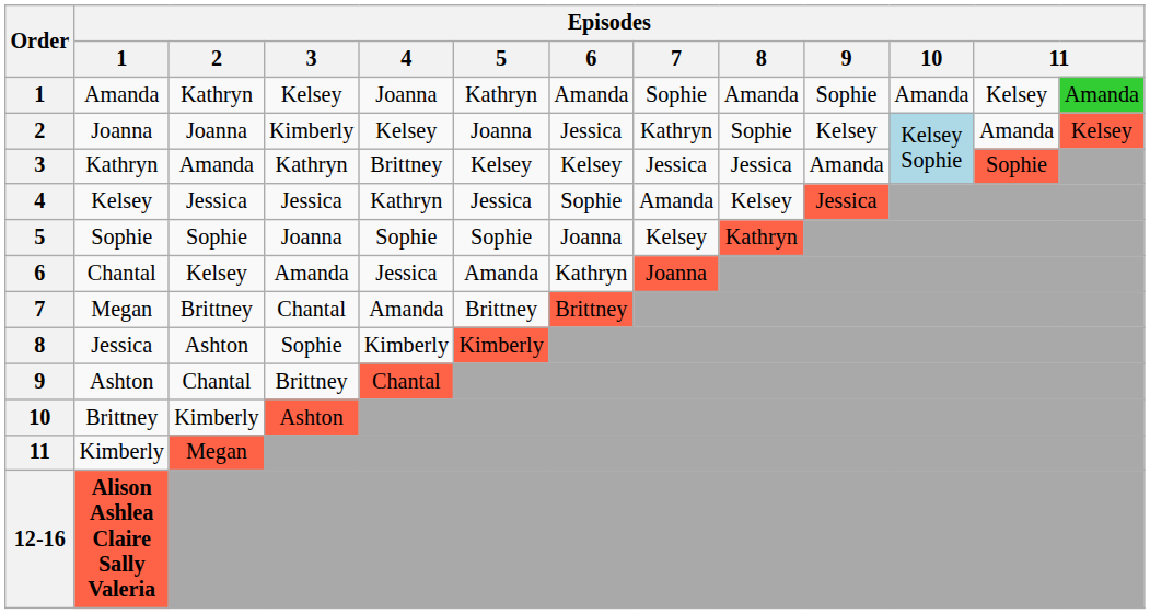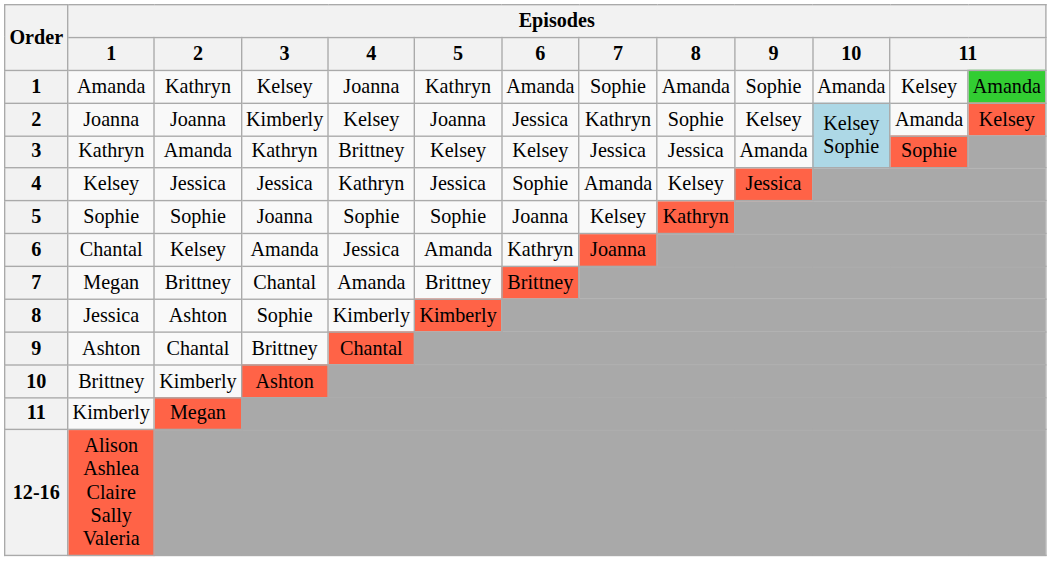 <table class="wikitable" style="text-align:center; font-size:92%">
 <tr>
 <th rowspan=2>Order</th>
 <th colspan=12>Episodes</th>
 </tr>
 <tr>
 <th>1</th>
 <th>2</th>
 <th>3</th>
 <th>4</th>
 <th>5</th>
 <th>6</th>
 <th>7</th>
 <th>8</th>
 <th>9</th>
 <th>10</th>
 <th colspan=2>11</th>
 </tr>
 <tr>
 <th>1</th>
 <td>Amanda</td>
 <td>Kathryn</td>
 <td>Kelsey</td>
 <td>Joanna</td>
 <td>Kathryn</td>
 <td>Amanda</td>
 <td>Sophie</td>
 <td>Amanda</td>
 <td>Sophie</td>
 <td>Amanda</td>
 <td>Kelsey</td>
 <td bgcolor="limegreen">Amanda</td>
 </tr>
 <tr>
 <th>2</th>
 <td>Joanna</td>
 <td>Joanna</td>
 <td>Kimberly</td>
 <td>Kelsey</td>
 <td>Joanna</td>
 <td>Jessica</td>
 <td>Kathryn</td>
 <td>Sophie</td>
 <td>Kelsey</td>
 <td rowspan="2" bgcolor="lightblue">Kelsey<br>Sophie</td>
 <td>Amanda</td>
 <td bgcolor="tomato">Kelsey</td>
 </tr>
 <tr>
 <th>3</th>
 <td>Kathryn</td>
 <td>Amanda</td>
 <td>Kathryn</td>
 <td>Brittney</td>
 <td>Kelsey</td>
 <td>Kelsey</td>
 <td>Jessica</td>
 <td>Jessica</td>
 <td>Amanda</td>
 <td bgcolor="tomato">Sophie</td>
 <td colspan="1" bgcolor="darkgray"></td>
 </tr>
 <tr>
 <th>4</th>
 <td>Kelsey</td>
 <td>Jessica</td>
 <td>Jessica</td>
 <td>Kathryn</td>
 <td>Jessica</td>
 <td>Sophie</td>
 <td>Amanda</td>
 <td>Kelsey</td>
 <td bgcolor="tomato">Jessica</td>
 <td bgcolor="darkgray" colspan="3"></td>
 </tr>
 <tr>
 <th>5</th>
 <td>Sophie</td>
 <td>Sophie</td>
 <td>Joanna</td>
 <td>Sophie</td>
 <td>Sophie</td>
 <td>Joanna</td>
 <td>Kelsey</td>
 <td bgcolor="tomato">Kathryn</td>
 <td bgcolor="darkgray" colspan="4"></td>
 </tr>
 <tr>
 <th>6</th>
 <td>Chantal</td>
 <td>Kelsey</td>
 <td>Amanda</td>
 <td>Jessica</td>
 <td>Amanda</td>
 <td>Kathryn</td>
 <td bgcolor="tomato">Joanna</td>
 <td bgcolor="darkgray" colspan="5"></td>
 </tr>
 <tr>
 <th>7</th>
 <td>Megan</td>
 <td>Brittney</td>
 <td>Chantal</td>
 <td>Amanda</td>
 <td>Brittney</td>
 <td bgcolor="tomato">Brittney</td>
 <td colspan="6" bgcolor="darkgray"></td>
 </tr>
 <tr>
 <th>8</th>
 <td>Jessica</td>
 <td>Ashton</td>
 <td>Sophie</td>
 <td>Kimberly</td>
 <td bgcolor="tomato">Kimberly</td>
 <td colspan="7" bgcolor="darkgray"></td>
 </tr>
 <tr>
 <th>9</th>
 <td>Ashton</td>
 <td>Chantal</td>
 <td>Brittney</td>
 <td bgcolor="tomato">Chantal</td>
 <td bgcolor="darkgray" colspan="8"></td>
 </tr>
 <tr>
 <th>10</th>
 <td>Brittney</td>
 <td>Kimberly</td>
 <td bgcolor="tomato">Ashton</td>
 <td bgcolor="darkgray" colspan="9"></td>
 </tr>
 <tr>
 <th>11</th>
 <td>Kimberly</td>
 <td bgcolor="tomato">Megan</td>
 <td colspan="10" bgcolor="darkgray"></td>
 </tr>
 <tr>
 <th>12-16</th>
-<td bgcolor="tomato"><strong>Alison <br> Ashlea <br> Claire <br> Sally <br> Valeria</strong></td>
+<td bgcolor="tomato">Alison <br> Ashlea <br> Claire <br> Sally <br> Valeria</td>
 <td bgcolor="darkgray" colspan="11"></td>
 </tr>
 </table>
